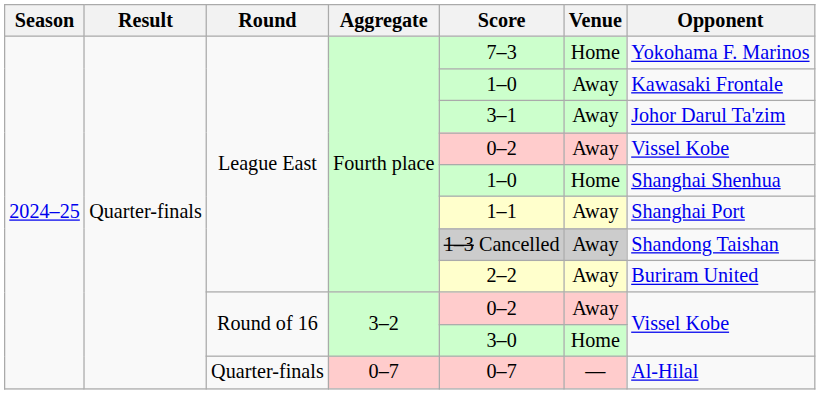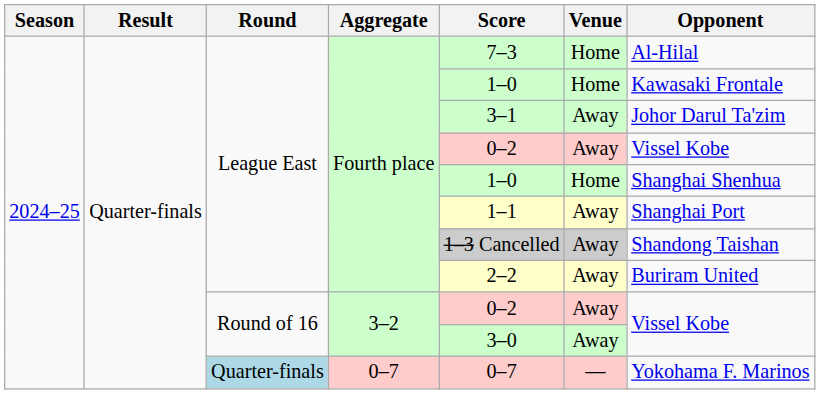 <table class="wikitable" style="text-align:center">
 <tr>
 <th>Season</th>
 <th>Result</th>
 <th>Round</th>
 <th>Aggregate</th>
 <th>Score</th>
 <th>Venue</th>
 <th>Opponent</th>
 </tr>
 <tr>
 <td rowspan="11"><a href='#'>2024–25</a></td>
 <td rowspan="11">Quarter-finals</td>
 <td rowspan="8">League East</td>
 <td rowspan="8" style="background:#cfc">Fourth place</td>
 <td style="background:#cfc">7–3</td>
 <td style="background:#cfc">Home</td>
-<td align="left"> <a href='#'>Yokohama F. Marinos</a></td>
+<td align="left"> <a href='#'>Al-Hilal</a></td>
 </tr>
 <tr>
 <td style="background:#cfc">1–0</td>
-<td style="background:#cfc">Away</td>
+<td style="background:#cfc">Home</td>
 <td align="left"> <a href='#'>Kawasaki Frontale</a></td>
 </tr>
 <tr>
 <td style="background:#cfc">3–1</td>
 <td style="background:#cfc">Away</td>
 <td align="left"> <a href='#'>Johor Darul Ta'zim</a></td>
 </tr>
 <tr>
 <td style="background:#fcc">0–2</td>
 <td style="background:#fcc">Away</td>
 <td align="left"> <a href='#'>Vissel Kobe</a></td>
 </tr>
 <tr>
 <td style="background:#cfc">1–0</td>
 <td style="background:#cfc">Home</td>
 <td align="left"> <a href='#'>Shanghai Shenhua</a></td>
 </tr>
 <tr>
 <td style="background:#ffc">1–1</td>
 <td style="background:#ffc">Away</td>
 <td align="left"> <a href='#'>Shanghai Port</a></td>
 </tr>
 <tr>
 <td style="background:#ccc"><s>1–3</s> Cancelled</td>
 <td style="background:#ccc">Away</td>
 <td align="left"> <a href='#'>Shandong Taishan</a></td>
 </tr>
 <tr>
 <td style="background:#ffc">2–2</td>
 <td style="background:#ffc">Away</td>
 <td align="left"> <a href='#'>Buriram United</a></td>
 </tr>
 <tr>
 <td rowspan="2">Round of 16</td>
 <td rowspan="2" style="background:#cfc">3–2</td>
 <td style="background:#fcc">0–2</td>
 <td style="background:#fcc">Away</td>
 <td rowspan="2" align="left"> <a href='#'>Vissel Kobe</a></td>
 </tr>
 <tr>
 <td style="background:#cfc">3–0 </td>
-<td style="background:#cfc">Home</td>
+<td style="background:#cfc">Away</td>
 </tr>
 <tr>
-<td>Quarter-finals</td>
+<td style="background: lightblue;">Quarter-finals</td>
 <td style="background:#fcc">0–7</td>
 <td style="background:#fcc">0–7</td>
 <td style="background:#fcc">—</td>
-<td align="left"> <a href='#'>Al-Hilal</a></td>
+<td align="left"> <a href='#'>Yokohama F. Marinos</a></td>
 </tr>
 </table>
